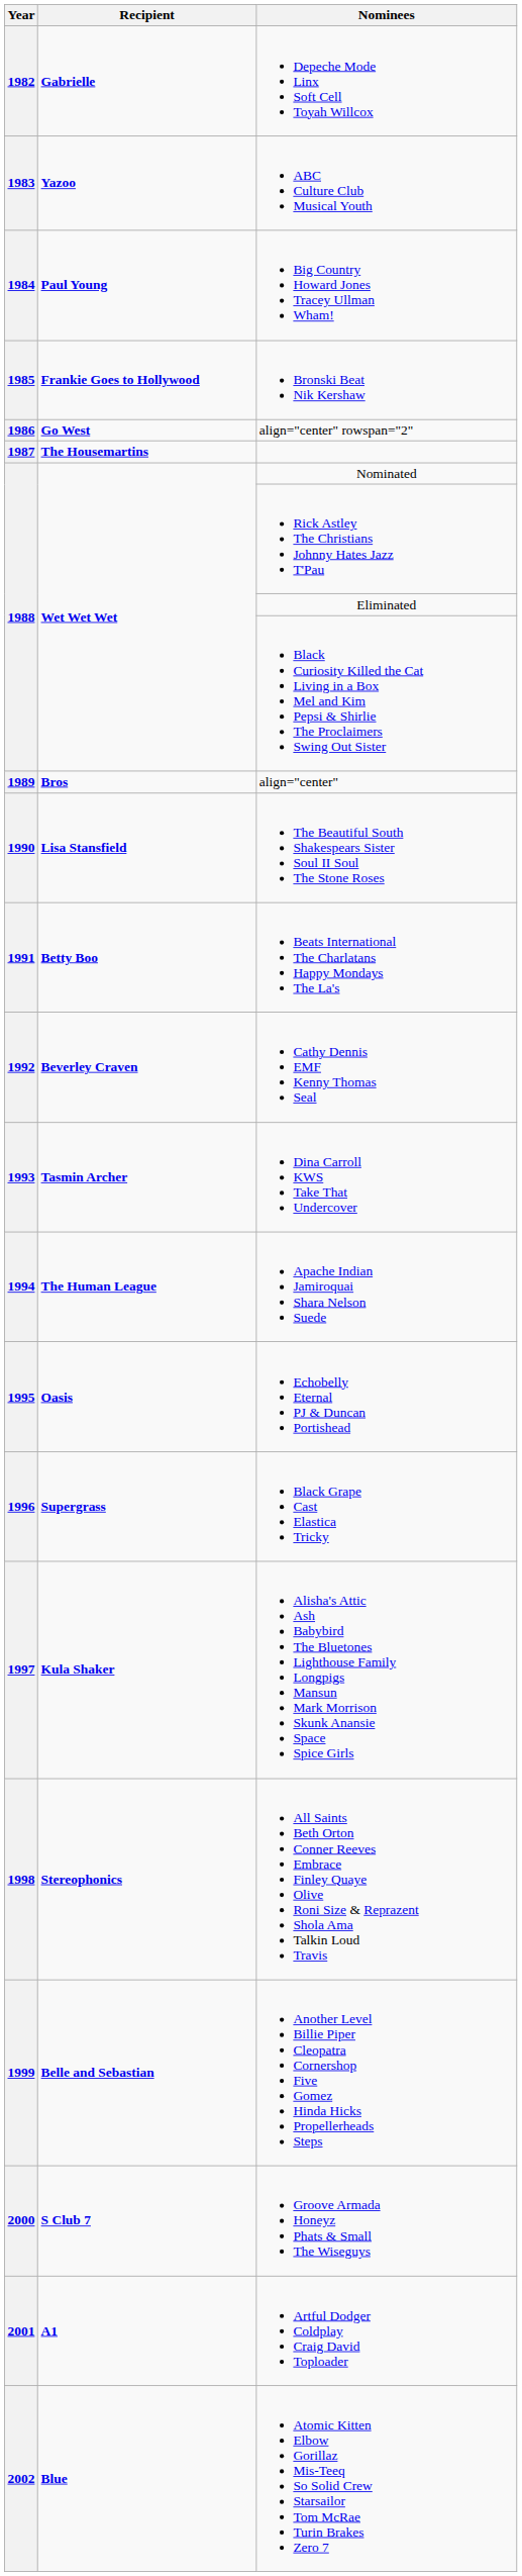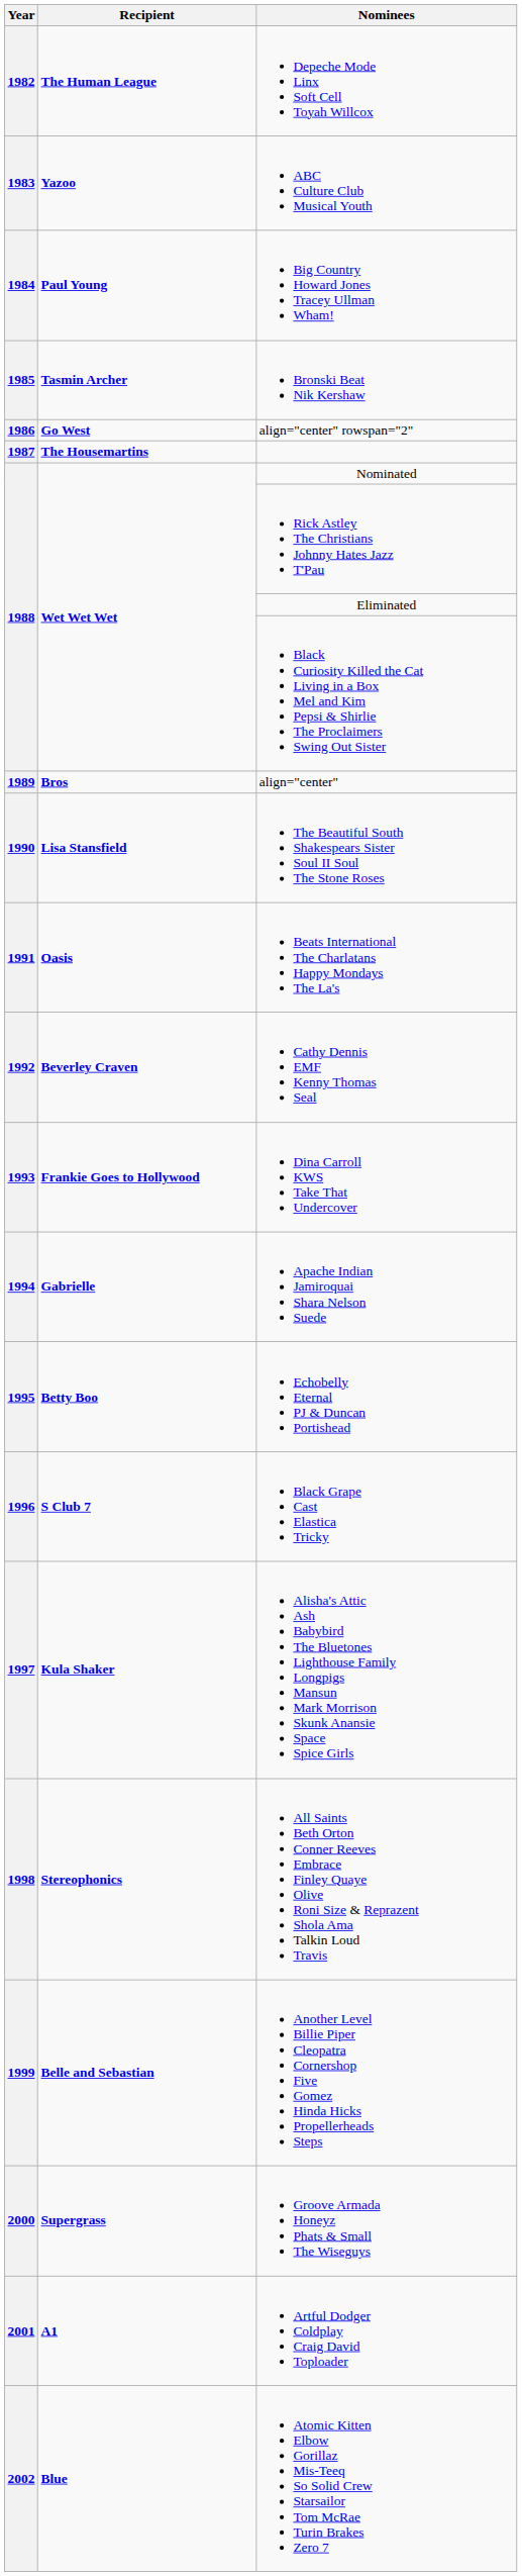 <table class="wikitable sortable">
 <tr>
 <th>Year</th>
 <th width=250px>Recipient</th>
 <th width=300px class=unsortable>Nominees</th>
 </tr>
 <tr>
 <th><a href='#'>1982</a></th>
-<td><strong><a href='#'>Gabrielle</a></strong></td>
+<td><strong><a href='#'>The Human League</a></strong></td>
 <td><br><ul><li><a href='#'>Depeche Mode</a></li><li><a href='#'>Linx</a></li><li><a href='#'>Soft Cell</a></li><li><a href='#'>Toyah Willcox</a></li></ul></td>
 </tr>
 <tr>
 <th><a href='#'>1983</a></th>
 <td><strong><a href='#'>Yazoo</a></strong></td>
 <td><br><ul><li><a href='#'>ABC</a></li><li><a href='#'>Culture Club</a></li><li><a href='#'>Musical Youth</a></li></ul></td>
 </tr>
 <tr>
 <th><a href='#'>1984</a></th>
 <td><strong><a href='#'>Paul Young</a></strong></td>
 <td><br><ul><li><a href='#'>Big Country</a></li><li><a href='#'>Howard Jones</a></li><li><a href='#'>Tracey Ullman</a></li><li><a href='#'>Wham!</a></li></ul></td>
 </tr>
 <tr>
 <th><a href='#'>1985</a></th>
-<td><strong><a href='#'>Frankie Goes to Hollywood</a></strong></td>
+<td><strong><a href='#'>Tasmin Archer</a></strong></td>
 <td><br><ul><li><a href='#'>Bronski Beat</a></li><li><a href='#'>Nik Kershaw</a></li></ul></td>
 </tr>
 <tr>
 <th><a href='#'>1986</a></th>
 <td><strong><a href='#'>Go West</a></strong></td>
 <td>align="center" rowspan="2" </td>
 </tr>
 <tr>
 <th><a href='#'>1987</a></th>
 <td><strong><a href='#'>The Housemartins</a></strong></td>
 </tr>
 <tr>
 <th rowspan="4"><a href='#'>1988</a></th>
 <td rowspan="4"><strong><a href='#'>Wet Wet Wet</a></strong></td>
 <td align="center">Nominated</td>
 </tr>
 <tr>
 <td><br><ul><li><a href='#'>Rick Astley</a></li><li><a href='#'>The Christians</a></li><li><a href='#'>Johnny Hates Jazz</a></li><li><a href='#'>T'Pau</a></li></ul></td>
 </tr>
 <tr>
 <td align="center">Eliminated </td>
 </tr>
 <tr>
 <td><br><ul><li><a href='#'>Black</a></li><li><a href='#'>Curiosity Killed the Cat</a></li><li><a href='#'>Living in a Box</a></li><li><a href='#'>Mel and Kim</a></li><li><a href='#'>Pepsi & Shirlie</a></li><li><a href='#'>The Proclaimers</a></li><li><a href='#'>Swing Out Sister</a></li></ul></td>
 </tr>
 <tr>
 <th><a href='#'>1989</a></th>
 <td><strong><a href='#'>Bros</a></strong></td>
 <td>align="center" </td>
 </tr>
 <tr>
 <th><a href='#'>1990</a></th>
 <td><strong><a href='#'>Lisa Stansfield</a></strong></td>
 <td><br><ul><li><a href='#'>The Beautiful South</a></li><li><a href='#'>Shakespears Sister</a></li><li><a href='#'>Soul II Soul</a></li><li><a href='#'>The Stone Roses</a></li></ul></td>
 </tr>
 <tr>
 <th><a href='#'>1991</a></th>
-<td><strong><a href='#'>Betty Boo</a></strong></td>
+<td><strong><a href='#'>Oasis</a></strong></td>
 <td><br><ul><li><a href='#'>Beats International</a></li><li><a href='#'>The Charlatans</a></li><li><a href='#'>Happy Mondays</a></li><li><a href='#'>The La's</a></li></ul></td>
 </tr>
 <tr>
 <th><a href='#'>1992</a></th>
 <td><strong><a href='#'>Beverley Craven</a></strong></td>
 <td><br><ul><li><a href='#'>Cathy Dennis</a></li><li><a href='#'>EMF</a></li><li><a href='#'>Kenny Thomas</a></li><li><a href='#'>Seal</a></li></ul></td>
 </tr>
 <tr>
 <th><a href='#'>1993</a></th>
-<td><strong><a href='#'>Tasmin Archer</a></strong></td>
+<td><strong><a href='#'>Frankie Goes to Hollywood</a></strong></td>
 <td><br><ul><li><a href='#'>Dina Carroll</a></li><li><a href='#'>KWS</a></li><li><a href='#'>Take That</a></li><li><a href='#'>Undercover</a></li></ul></td>
 </tr>
 <tr>
 <th><a href='#'>1994</a></th>
-<td><strong><a href='#'>The Human League</a></strong></td>
+<td><strong><a href='#'>Gabrielle</a></strong></td>
 <td><br><ul><li><a href='#'>Apache Indian</a></li><li><a href='#'>Jamiroquai</a></li><li><a href='#'>Shara Nelson</a></li><li><a href='#'>Suede</a></li></ul></td>
 </tr>
 <tr>
 <th><a href='#'>1995</a></th>
-<td><strong><a href='#'>Oasis</a></strong></td>
+<td><strong><a href='#'>Betty Boo</a></strong></td>
 <td><br><ul><li><a href='#'>Echobelly</a></li><li><a href='#'>Eternal</a></li><li><a href='#'>PJ & Duncan</a></li><li><a href='#'>Portishead</a></li></ul></td>
 </tr>
 <tr>
 <th><a href='#'>1996</a></th>
-<td><strong><a href='#'>Supergrass</a></strong></td>
+<td><strong><a href='#'>S Club 7</a></strong></td>
 <td><br><ul><li><a href='#'>Black Grape</a></li><li><a href='#'>Cast</a></li><li><a href='#'>Elastica</a></li><li><a href='#'>Tricky</a></li></ul></td>
 </tr>
 <tr>
 <th><a href='#'>1997</a></th>
 <td><strong><a href='#'>Kula Shaker</a></strong></td>
 <td><br><ul><li><a href='#'>Alisha's Attic</a></li><li><a href='#'>Ash</a></li><li><a href='#'>Babybird</a></li><li><a href='#'>The Bluetones</a></li><li><a href='#'>Lighthouse Family</a></li><li><a href='#'>Longpigs</a></li><li><a href='#'>Mansun</a></li><li><a href='#'>Mark Morrison</a></li><li><a href='#'>Skunk Anansie</a></li><li><a href='#'>Space</a></li><li><a href='#'>Spice Girls</a></li></ul></td>
 </tr>
 <tr>
 <th><a href='#'>1998</a></th>
 <td><strong><a href='#'>Stereophonics</a></strong></td>
 <td><br><ul><li><a href='#'>All Saints</a></li><li><a href='#'>Beth Orton</a></li><li><a href='#'>Conner Reeves</a></li><li><a href='#'>Embrace</a></li><li><a href='#'>Finley Quaye</a></li><li><a href='#'>Olive</a></li><li><a href='#'>Roni Size</a> & <a href='#'>Reprazent</a></li><li><a href='#'>Shola Ama</a></li><li>Talkin Loud</li><li><a href='#'>Travis</a></li></ul></td>
 </tr>
 <tr>
 <th><a href='#'>1999</a></th>
 <td><strong><a href='#'>Belle and Sebastian</a></strong></td>
 <td><br><ul><li><a href='#'>Another Level</a></li><li><a href='#'>Billie Piper</a></li><li><a href='#'>Cleopatra</a></li><li><a href='#'>Cornershop</a></li><li><a href='#'>Five</a></li><li><a href='#'>Gomez</a></li><li><a href='#'>Hinda Hicks</a></li><li><a href='#'>Propellerheads</a></li><li><a href='#'>Steps</a></li></ul></td>
 </tr>
 <tr>
 <th><a href='#'>2000</a></th>
-<td><strong><a href='#'>S Club 7</a></strong></td>
+<td><strong><a href='#'>Supergrass</a></strong></td>
 <td><br><ul><li><a href='#'>Groove Armada</a></li><li><a href='#'>Honeyz</a></li><li><a href='#'>Phats & Small</a></li><li><a href='#'>The Wiseguys</a></li></ul></td>
 </tr>
 <tr>
 <th><a href='#'>2001</a></th>
 <td><strong><a href='#'>A1</a></strong></td>
 <td><br><ul><li><a href='#'>Artful Dodger</a></li><li><a href='#'>Coldplay</a></li><li><a href='#'>Craig David</a></li><li><a href='#'>Toploader</a></li></ul></td>
 </tr>
 <tr>
 <th><a href='#'>2002</a></th>
 <td><strong><a href='#'>Blue</a></strong></td>
 <td><br><ul><li><a href='#'>Atomic Kitten</a></li><li><a href='#'>Elbow</a></li><li><a href='#'>Gorillaz</a></li><li><a href='#'>Mis-Teeq</a></li><li><a href='#'>So Solid Crew</a></li><li><a href='#'>Starsailor</a></li><li><a href='#'>Tom McRae</a></li><li><a href='#'>Turin Brakes</a></li><li><a href='#'>Zero 7</a></li></ul></td>
 </tr>
 </table>
